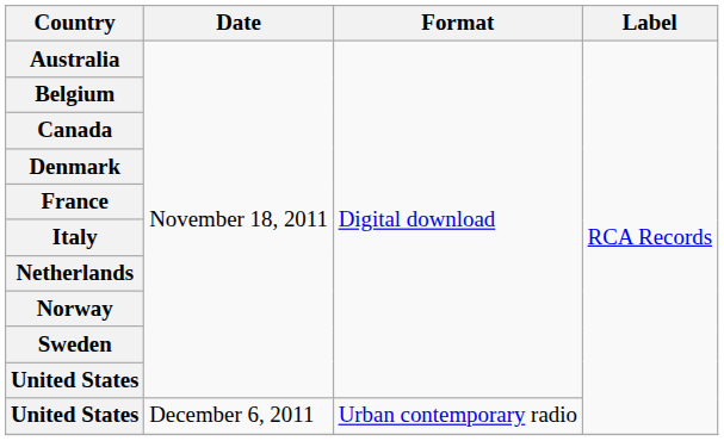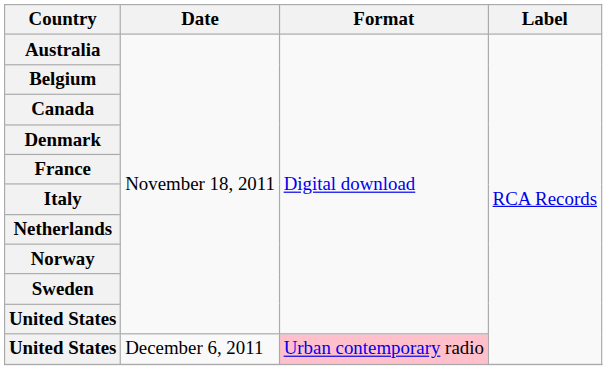 <table class="wikitable plainrowheaders">
 <tr>
 <th scope="col">Country</th>
 <th scope="col">Date</th>
 <th scope="col">Format</th>
 <th scope="col">Label</th>
 </tr>
 <tr>
 <th scope="row">Australia</th>
 <td rowspan="10">November 18, 2011</td>
 <td rowspan="10"><a href='#'>Digital download</a></td>
 <td rowspan="11"><a href='#'>RCA Records</a></td>
 </tr>
 <tr>
 <th scope="row">Belgium</th>
 </tr>
 <tr>
 <th scope="row">Canada</th>
 </tr>
 <tr>
 <th scope="row">Denmark</th>
 </tr>
 <tr>
 <th scope="row">France</th>
 </tr>
 <tr>
 <th scope="row">Italy</th>
 </tr>
 <tr>
 <th scope="row">Netherlands</th>
 </tr>
 <tr>
 <th scope="row">Norway</th>
 </tr>
 <tr>
 <th scope="row">Sweden</th>
 </tr>
 <tr>
 <th scope="row">United States</th>
 </tr>
 <tr>
 <th scope="row">United States</th>
 <td>December 6, 2011</td>
-<td><a href='#'>Urban contemporary</a> radio</td>
+<td style="background: pink;"><a href='#'>Urban contemporary</a> radio</td>
 </tr>
 <tr>
 </tr>
 </table>
